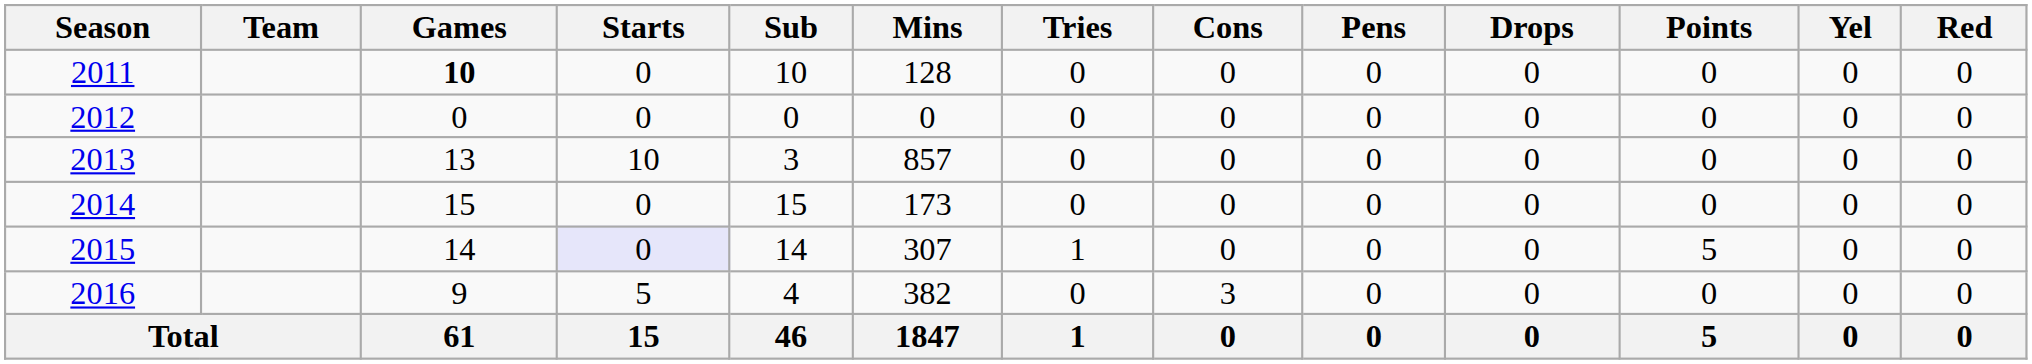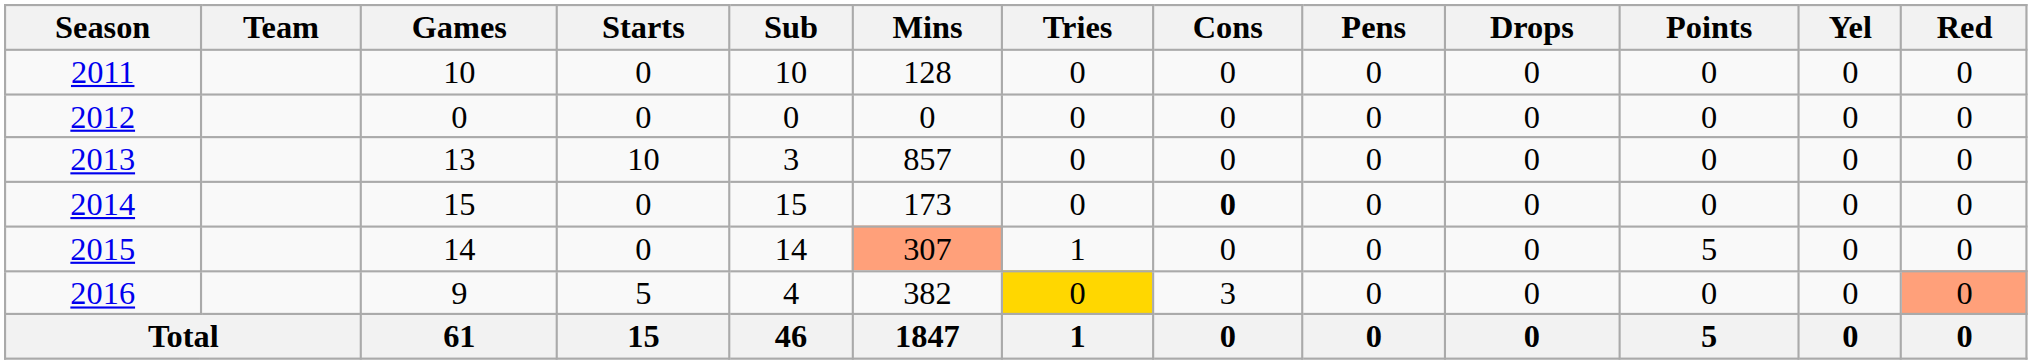 <table class="wikitable" style="text-align:center; line-height:90%; font-size:95%; width:60%;">
 <tr>
 <th>Season</th>
 <th>Team</th>
 <th>Games</th>
 <th>Starts</th>
 <th>Sub</th>
 <th>Mins</th>
 <th>Tries</th>
 <th>Cons</th>
 <th>Pens</th>
 <th>Drops</th>
 <th>Points</th>
 <th>Yel</th>
 <th>Red</th>
 </tr>
 <tr>
 <td><a href='#'>2011</a></td>
 <td></td>
-<td><strong>10</strong></td>
+<td>10</td>
 <td>0</td>
 <td>10</td>
 <td>128</td>
 <td>0</td>
 <td>0</td>
 <td>0</td>
 <td>0</td>
 <td>0</td>
 <td>0</td>
 <td>0</td>
 </tr>
 <tr>
 <td><a href='#'>2012</a></td>
 <td></td>
 <td>0</td>
 <td>0</td>
 <td>0</td>
 <td>0</td>
 <td>0</td>
 <td>0</td>
 <td>0</td>
 <td>0</td>
 <td>0</td>
 <td>0</td>
 <td>0</td>
 </tr>
 <tr>
 <td><a href='#'>2013</a></td>
 <td></td>
 <td>13</td>
 <td>10</td>
 <td>3</td>
 <td>857</td>
 <td>0</td>
 <td>0</td>
 <td>0</td>
 <td>0</td>
 <td>0</td>
 <td>0</td>
 <td>0</td>
 </tr>
 <tr>
 <td><a href='#'>2014</a></td>
 <td></td>
 <td>15</td>
 <td>0</td>
 <td>15</td>
 <td>173</td>
 <td>0</td>
-<td>0</td>
+<td><strong>0</strong></td>
 <td>0</td>
 <td>0</td>
 <td>0</td>
 <td>0</td>
 <td>0</td>
 </tr>
 <tr>
 <td><a href='#'>2015</a></td>
 <td></td>
 <td>14</td>
-<td style="background: lavender;">0</td>
+<td>0</td>
 <td>14</td>
-<td>307</td>
+<td style="background: lightsalmon;">307</td>
 <td>1</td>
 <td>0</td>
 <td>0</td>
 <td>0</td>
 <td>5</td>
 <td>0</td>
 <td>0</td>
 </tr>
 <tr>
 <td><a href='#'>2016</a></td>
 <td></td>
 <td>9</td>
 <td>5</td>
 <td>4</td>
 <td>382</td>
-<td>0</td>
+<td style="background: gold;">0</td>
 <td>3</td>
 <td>0</td>
 <td>0</td>
 <td>0</td>
 <td>0</td>
-<td>0</td>
+<td style="background: lightsalmon;">0</td>
 </tr>
 <tr>
 <th colspan="2">Total</th>
 <th>61</th>
 <th>15</th>
 <th>46</th>
 <th>1847</th>
 <th>1</th>
 <th>0</th>
 <th>0</th>
 <th>0</th>
 <th>5</th>
 <th>0</th>
 <th>0</th>
 </tr>
 </table>
